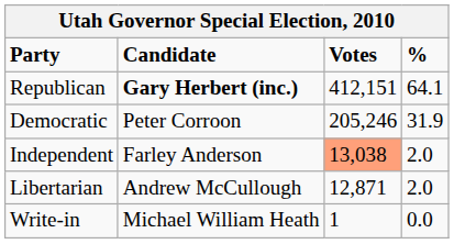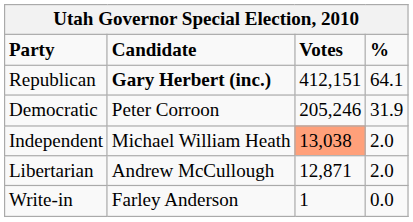 <table class="wikitable">
 <tr>
 <th colspan="4">Utah Governor Special Election, 2010</th>
 </tr>
 <tr>
 <td><strong>Party</strong></td>
 <td><strong>Candidate</strong></td>
 <td><strong>Votes</strong></td>
 <td><strong>%</strong></td>
 </tr>
 <tr>
 <td>Republican</td>
 <td><strong>Gary Herbert (inc.)</strong></td>
 <td>412,151</td>
 <td>64.1</td>
 </tr>
 <tr>
 <td>Democratic</td>
 <td>Peter Corroon</td>
 <td>205,246</td>
 <td>31.9</td>
 </tr>
 <tr>
 <td>Independent</td>
-<td>Farley Anderson</td>
+<td>Michael William Heath</td>
 <td style="background: lightsalmon;">13,038</td>
 <td>2.0</td>
 </tr>
 <tr>
 <td>Libertarian</td>
 <td>Andrew McCullough</td>
 <td>12,871</td>
 <td>2.0</td>
 </tr>
 <tr>
 <td>Write-in</td>
-<td>Michael William Heath</td>
+<td>Farley Anderson</td>
 <td>1</td>
 <td>0.0</td>
 </tr>
 </table>
